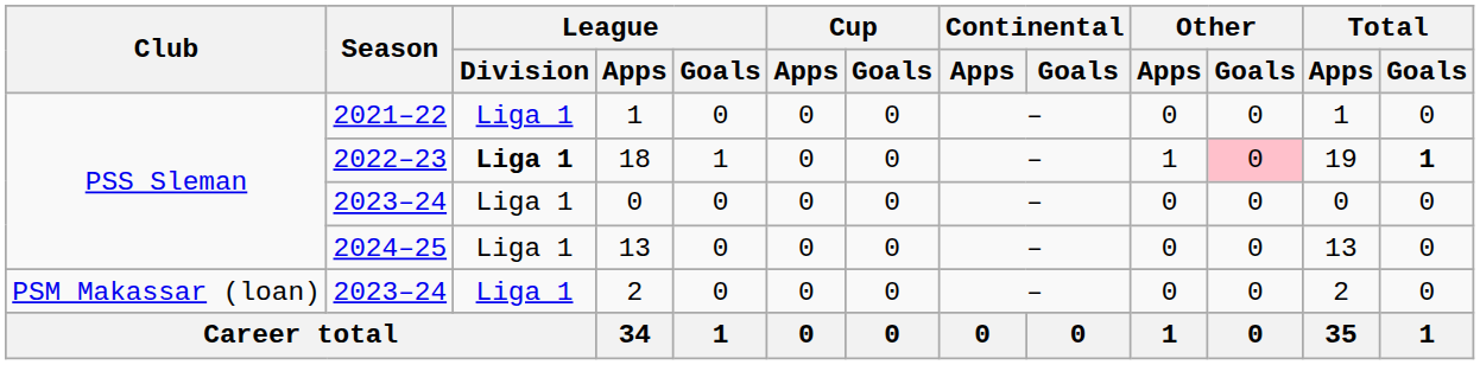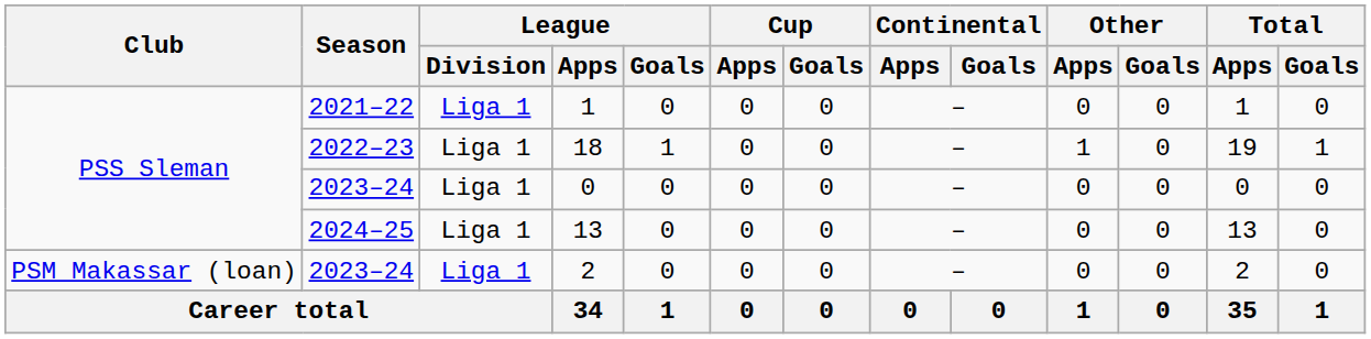 <table class="wikitable" style="text-align: center">
 <tr>
 <th rowspan="2">Club</th>
 <th rowspan="2">Season</th>
 <th colspan="3">League</th>
 <th colspan="2">Cup</th>
 <th colspan="2">Continental</th>
 <th colspan="2">Other</th>
 <th colspan="2">Total</th>
 </tr>
 <tr>
 <th>Division</th>
 <th>Apps</th>
 <th>Goals</th>
 <th>Apps</th>
 <th>Goals</th>
 <th>Apps</th>
 <th>Goals</th>
 <th>Apps</th>
 <th>Goals</th>
 <th>Apps</th>
 <th>Goals</th>
 </tr>
 <tr>
 <td rowspan="4"><a href='#'>PSS Sleman</a></td>
 <td><a href='#'>2021–22</a></td>
 <td rowspan="1" valign="center"><a href='#'>Liga 1</a></td>
 <td>1</td>
 <td>0</td>
 <td>0</td>
 <td>0</td>
 <td colspan="2">–</td>
 <td>0</td>
 <td>0</td>
 <td>1</td>
 <td>0</td>
 </tr>
 <tr>
 <td><a href='#'>2022–23</a></td>
-<td rowspan="1" valign="center"><strong>Liga 1</strong></td>
+<td rowspan="1" valign="center">Liga 1</td>
 <td>18</td>
 <td>1</td>
 <td>0</td>
 <td>0</td>
 <td colspan=2>–</td>
 <td>1</td>
-<td style="background: pink;">0</td>
+<td>0</td>
 <td>19</td>
-<td><strong>1</strong></td>
+<td>1</td>
 </tr>
 <tr>
 <td><a href='#'>2023–24</a></td>
 <td>Liga 1</td>
 <td>0</td>
 <td>0</td>
 <td>0</td>
 <td>0</td>
 <td colspan="2">–</td>
 <td>0</td>
 <td>0</td>
 <td>0</td>
 <td>0</td>
 </tr>
 <tr>
 <td><a href='#'>2024–25</a></td>
 <td>Liga 1</td>
 <td>13</td>
 <td>0</td>
 <td>0</td>
 <td>0</td>
 <td colspan="2">–</td>
 <td>0</td>
 <td>0</td>
 <td>13</td>
 <td>0</td>
 </tr>
 <tr>
 <td rowspan="1"><a href='#'>PSM Makassar</a> (loan)</td>
 <td><a href='#'>2023–24</a></td>
 <td rowspan="1" valign="center"><a href='#'>Liga 1</a></td>
 <td>2</td>
 <td>0</td>
 <td>0</td>
 <td>0</td>
 <td colspan="2">–</td>
 <td>0</td>
 <td>0</td>
 <td>2</td>
 <td>0</td>
 </tr>
 <tr>
 <th colspan=3>Career total</th>
 <th>34</th>
 <th>1</th>
 <th>0</th>
 <th>0</th>
 <th>0</th>
 <th>0</th>
 <th>1</th>
 <th>0</th>
 <th>35</th>
 <th>1</th>
 </tr>
 </table>
